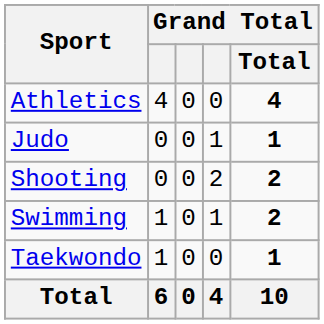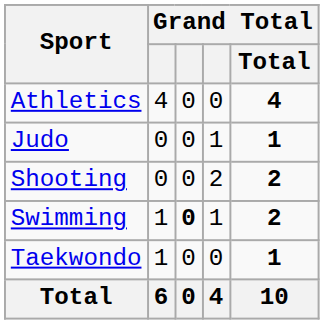 <table class="wikitable" style="font-size: 95%">
 <tr>
 <th rowspan=2>Sport</th>
 <th colspan=4>Grand Total</th>
 </tr>
 <tr>
 <th></th>
 <th></th>
 <th></th>
 <th>Total</th>
 </tr>
 <tr align=center>
 <td align=left><a href='#'>Athletics</a></td>
 <td>4</td>
 <td>0</td>
 <td>0</td>
 <td><strong>4</strong></td>
 </tr>
 <tr align=center>
 <td align=left><a href='#'>Judo</a></td>
 <td>0</td>
 <td>0</td>
 <td>1</td>
 <td><strong>1</strong></td>
 </tr>
 <tr align=center>
 <td align=left><a href='#'>Shooting</a></td>
 <td>0</td>
 <td>0</td>
 <td>2</td>
 <td><strong>2</strong></td>
 </tr>
 <tr align=center>
 <td align=left><a href='#'>Swimming</a></td>
 <td>1</td>
-<td>0</td>
+<td><strong>0</strong></td>
 <td>1</td>
 <td><strong>2</strong></td>
 </tr>
 <tr align=center>
 <td align=left><a href='#'>Taekwondo</a></td>
 <td>1</td>
 <td>0</td>
 <td>0</td>
 <td><strong>1</strong></td>
 </tr>
 <tr align=center>
 <th>Total</th>
 <th>6</th>
 <th>0</th>
 <th>4</th>
 <th>10</th>
 </tr>
 </table>
